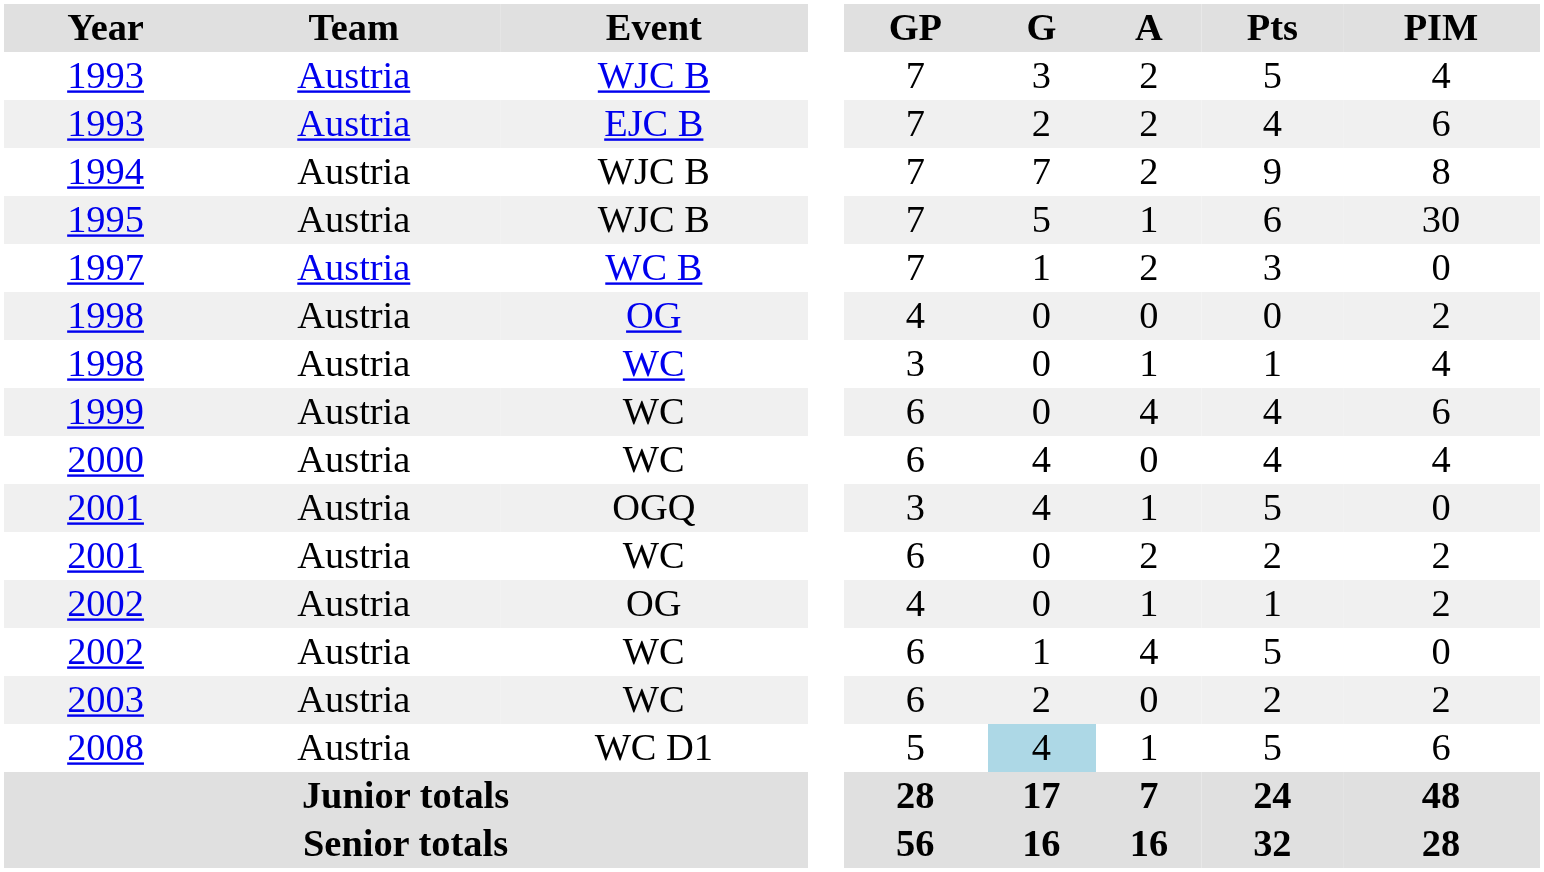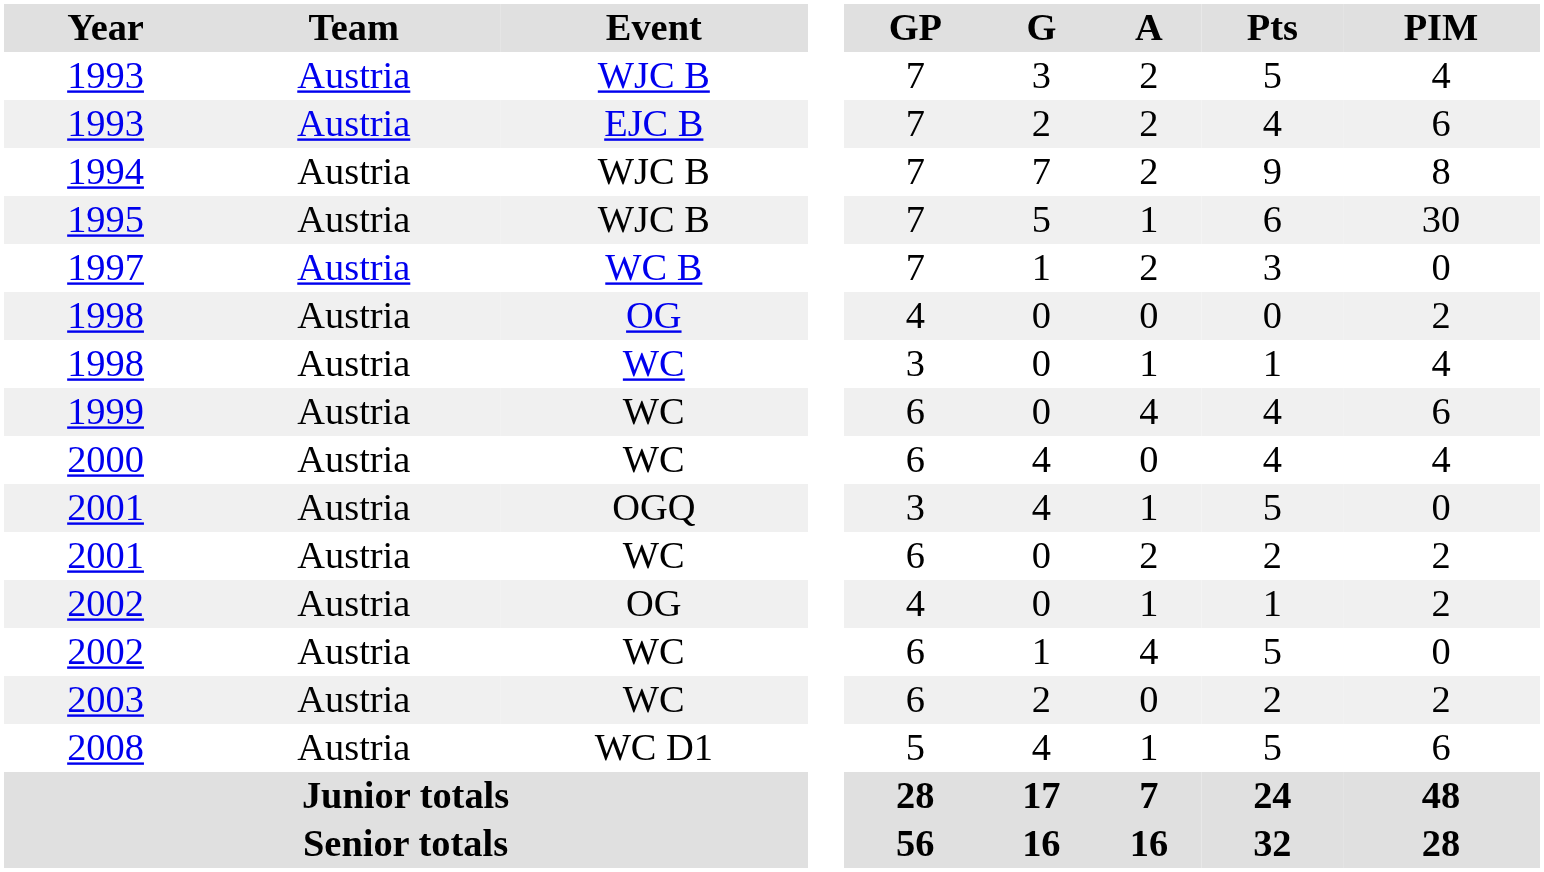 <table border="0" cellpadding="1" cellspacing="0" style="text-align:center; width:40em">
 <tr ALIGN="center" bgcolor="#e0e0e0">
 <th>Year</th>
 <th>Team</th>
 <th>Event</th>
 <th rowspan="99" bgcolor="#ffffff"> </th>
 <th>GP</th>
 <th>G</th>
 <th>A</th>
 <th>Pts</th>
 <th>PIM</th>
 </tr>
 <tr>
 <td><a href='#'>1993</a></td>
 <td><a href='#'>Austria</a></td>
 <td><a href='#'>WJC B</a></td>
 <td>7</td>
 <td>3</td>
 <td>2</td>
 <td>5</td>
 <td>4</td>
 </tr>
 <tr bgcolor="#f0f0f0">
 <td><a href='#'>1993</a></td>
 <td><a href='#'>Austria</a></td>
 <td><a href='#'>EJC B</a></td>
 <td>7</td>
 <td>2</td>
 <td>2</td>
 <td>4</td>
 <td>6</td>
 </tr>
 <tr>
 <td><a href='#'>1994</a></td>
 <td>Austria</td>
 <td>WJC B</td>
 <td>7</td>
 <td>7</td>
 <td>2</td>
 <td>9</td>
 <td>8</td>
 </tr>
 <tr bgcolor="#f0f0f0">
 <td><a href='#'>1995</a></td>
 <td>Austria</td>
 <td>WJC B</td>
 <td>7</td>
 <td>5</td>
 <td>1</td>
 <td>6</td>
 <td>30</td>
 </tr>
 <tr>
 <td><a href='#'>1997</a></td>
 <td><a href='#'>Austria</a></td>
 <td><a href='#'>WC B</a></td>
 <td>7</td>
 <td>1</td>
 <td>2</td>
 <td>3</td>
 <td>0</td>
 </tr>
 <tr bgcolor="#f0f0f0">
 <td><a href='#'>1998</a></td>
 <td>Austria</td>
 <td><a href='#'>OG</a></td>
 <td>4</td>
 <td>0</td>
 <td>0</td>
 <td>0</td>
 <td>2</td>
 </tr>
 <tr>
 <td><a href='#'>1998</a></td>
 <td>Austria</td>
 <td><a href='#'>WC</a></td>
 <td>3</td>
 <td>0</td>
 <td>1</td>
 <td>1</td>
 <td>4</td>
 </tr>
 <tr bgcolor="#f0f0f0">
 <td><a href='#'>1999</a></td>
 <td>Austria</td>
 <td>WC</td>
 <td>6</td>
 <td>0</td>
 <td>4</td>
 <td>4</td>
 <td>6</td>
 </tr>
 <tr>
 <td><a href='#'>2000</a></td>
 <td>Austria</td>
 <td>WC</td>
 <td>6</td>
 <td>4</td>
 <td>0</td>
 <td>4</td>
 <td>4</td>
 </tr>
 <tr bgcolor="#f0f0f0">
 <td><a href='#'>2001</a></td>
 <td>Austria</td>
 <td>OGQ</td>
 <td>3</td>
 <td>4</td>
 <td>1</td>
 <td>5</td>
 <td>0</td>
 </tr>
 <tr>
 <td><a href='#'>2001</a></td>
 <td>Austria</td>
 <td>WC</td>
 <td>6</td>
 <td>0</td>
 <td>2</td>
 <td>2</td>
 <td>2</td>
 </tr>
 <tr bgcolor="#f0f0f0">
 <td><a href='#'>2002</a></td>
 <td>Austria</td>
 <td>OG</td>
 <td>4</td>
 <td>0</td>
 <td>1</td>
 <td>1</td>
 <td>2</td>
 </tr>
 <tr>
 <td><a href='#'>2002</a></td>
 <td>Austria</td>
 <td>WC</td>
 <td>6</td>
 <td>1</td>
 <td>4</td>
 <td>5</td>
 <td>0</td>
 </tr>
 <tr bgcolor="#f0f0f0">
 <td><a href='#'>2003</a></td>
 <td>Austria</td>
 <td>WC</td>
 <td>6</td>
 <td>2</td>
 <td>0</td>
 <td>2</td>
 <td>2</td>
 </tr>
 <tr>
 <td><a href='#'>2008</a></td>
 <td>Austria</td>
 <td>WC D1</td>
 <td>5</td>
-<td style="background: lightblue;">4</td>
+<td>4</td>
 <td>1</td>
 <td>5</td>
 <td>6</td>
 </tr>
 <tr bgcolor="#e0e0e0">
 <th colspan=3>Junior totals</th>
 <th>28</th>
 <th>17</th>
 <th>7</th>
 <th>24</th>
 <th>48</th>
 </tr>
 <tr bgcolor="#e0e0e0">
 <th colspan=3>Senior totals</th>
 <th>56</th>
 <th>16</th>
 <th>16</th>
 <th>32</th>
 <th>28</th>
 </tr>
 </table>
